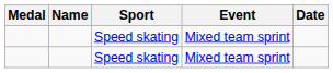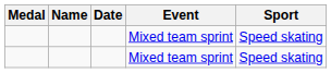 <table class="wikitable sortable" style="font-size: 95%">
 <tr>
 <th>Medal</th>
 <th>Name</th>
+<th>Date</th>
+<th>Event</th>
 <th>Sport</th>
-<th>Event</th>
-<th>Date</th>
 </tr>
 <tr>
 <td></td>
 <td></td>
+<td></td>
+<td><a href='#'>Mixed team sprint</a></td>
 <td><a href='#'>Speed skating</a></td>
-<td><a href='#'>Mixed team sprint</a></td>
-<td></td>
 </tr>
 <tr>
 <td></td>
 <td></td>
+<td></td>
+<td><a href='#'>Mixed team sprint</a></td>
 <td><a href='#'>Speed skating</a></td>
-<td><a href='#'>Mixed team sprint</a></td>
-<td></td>
 </tr>
 </table>
